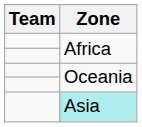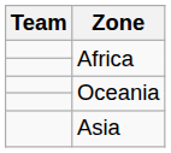 <table class="wikitable">
 <tr>
 <th>Team</th>
 <th>Zone</th>
 </tr>
 <tr>
 <td></td>
 <td rowspan=2>Africa</td>
 </tr>
 <tr>
 <td></td>
 </tr>
 <tr>
 <td></td>
 <td rowspan=2>Oceania</td>
 </tr>
 <tr>
 <td></td>
 </tr>
 <tr>
 <td></td>
-<td style="background: paleturquoise;">Asia</td>
+<td>Asia</td>
 </tr>
 </table>
